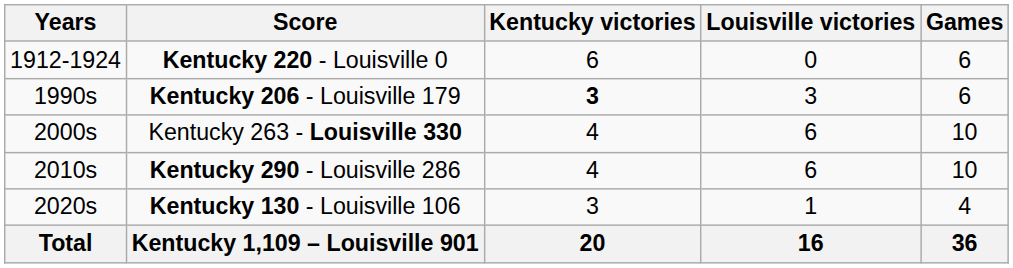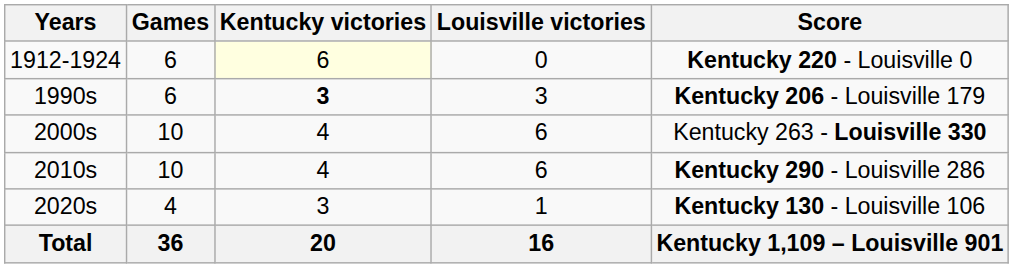 <table class="wikitable sortable" style="text-align:center">
 <tr>
 <th>Years</th>
-<th>Score</th>
+<th>Games</th>
 <th>Kentucky victories</th>
 <th>Louisville victories</th>
-<th>Games</th>
+<th>Score</th>
 </tr>
 <tr>
 <td>1912-1924</td>
+<td>6</td>
+<td style="background: lightyellow;">6</td>
+<td>0</td>
 <td><strong>Kentucky 220</strong> - Louisville 0</td>
-<td>6</td>
-<td>0</td>
-<td>6</td>
 </tr>
 <tr>
 <td>1990s</td>
-<td><strong>Kentucky 206</strong> - Louisville 179</td>
+<td>6</td>
 <td><strong>3</strong></td>
 <td>3</td>
-<td>6</td>
+<td><strong>Kentucky 206</strong> - Louisville 179</td>
 </tr>
 <tr>
 <td>2000s</td>
-<td>Kentucky 263 - <strong>Louisville 330</strong></td>
+<td>10</td>
 <td>4</td>
 <td>6</td>
-<td>10</td>
+<td>Kentucky 263 - <strong>Louisville 330</strong></td>
 </tr>
 <tr>
 <td>2010s</td>
-<td><strong>Kentucky 290</strong> - Louisville 286</td>
+<td>10</td>
 <td>4</td>
 <td>6</td>
-<td>10</td>
+<td><strong>Kentucky 290</strong> - Louisville 286</td>
 </tr>
 <tr>
 <td>2020s</td>
-<td><strong>Kentucky 130</strong> - Louisville 106</td>
+<td>4</td>
 <td>3</td>
 <td>1</td>
-<td>4</td>
+<td><strong>Kentucky 130</strong> - Louisville 106</td>
 </tr>
 <tr>
 <th>Total</th>
-<th><strong>Kentucky 1,109</strong> – Louisville 901</th>
+<th>36</th>
 <th>20</th>
 <th>16</th>
-<th>36</th>
+<th><strong>Kentucky 1,109</strong> – Louisville 901</th>
 </tr>
 </table>
